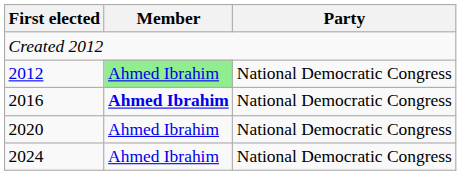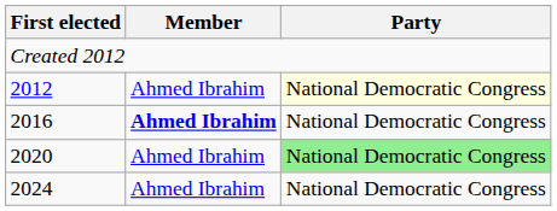 <table class="wikitable">
 <tr>
 <th>First elected</th>
 <th>Member</th>
 <th>Party</th>
 </tr>
 <tr>
 <td colspan=3><em>Created 2012</em></td>
 </tr>
 <tr>
 <td><a href='#'>2012</a></td>
-<td style="background: lightgreen;"><a href='#'>Ahmed Ibrahim</a></td>
-<td>National Democratic Congress</td>
+<td><a href='#'>Ahmed Ibrahim</a></td>
+<td style="background: lightyellow;">National Democratic Congress</td>
 </tr>
 <tr>
 <td>2016</td>
 <td><strong><a href='#'>Ahmed Ibrahim</a></strong></td>
 <td>National Democratic Congress</td>
 </tr>
 <tr>
 <td>2020</td>
 <td><a href='#'>Ahmed Ibrahim</a></td>
-<td>National Democratic Congress</td>
+<td style="background: lightgreen;">National Democratic Congress</td>
 </tr>
 <tr>
 <td>2024</td>
 <td><a href='#'>Ahmed Ibrahim</a></td>
 <td>National Democratic Congress</td>
 </tr>
 </table>
